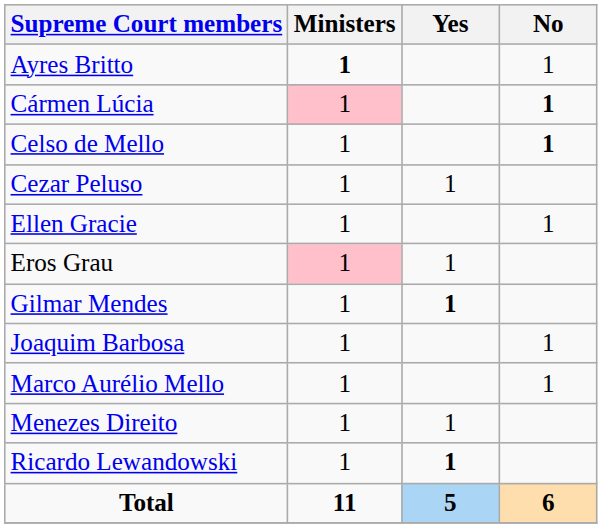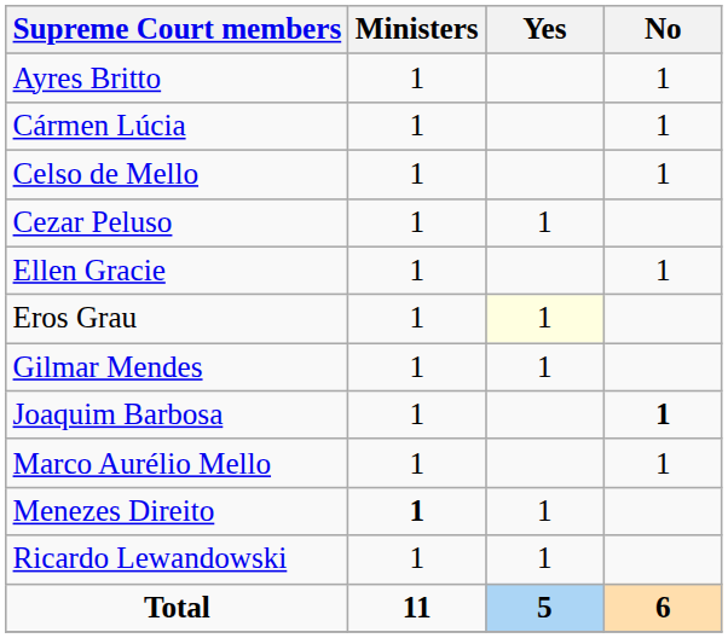 <table class="wikitable">
 <tr>
 <th><a href='#'>Supreme Court members</a></th>
 <th width="55pt">Ministers</th>
 <th width="55pt">Yes</th>
 <th width="55pt">No</th>
 </tr>
 <tr>
 <td align="left"><a href='#'>Ayres Britto</a></td>
-<td align="center"><strong>1</strong></td>
+<td align="center">1</td>
 <td align="center"></td>
 <td align="center">1</td>
 </tr>
 <tr>
 <td align="left"><a href='#'>Cármen Lúcia</a></td>
-<td align="center" style="background: pink;">1</td>
+<td align="center">1</td>
 <td align="center"></td>
-<td align="center"><strong>1</strong></td>
+<td align="center">1</td>
 </tr>
 <tr>
 <td align="left"><a href='#'>Celso de Mello</a></td>
 <td align="center">1</td>
 <td align="center"></td>
-<td align="center"><strong>1</strong></td>
+<td align="center">1</td>
 </tr>
 <tr>
 <td align="left"><a href='#'>Cezar Peluso</a></td>
 <td align="center">1</td>
 <td align="center">1</td>
 <td align="center"></td>
 </tr>
 <tr>
 <td align="left"><a href='#'>Ellen Gracie</a></td>
 <td align="center">1</td>
 <td align="center"></td>
 <td align="center">1</td>
 </tr>
 <tr>
 <td align="left">Eros Grau</td>
-<td align="center" style="background: pink;">1</td>
 <td align="center">1</td>
+<td align="center" style="background: lightyellow;">1</td>
 <td align="center"></td>
 </tr>
 <tr>
 <td align="left"><a href='#'>Gilmar Mendes</a></td>
 <td align="center">1</td>
-<td align="center"><strong>1</strong></td>
+<td align="center">1</td>
 <td align="center"></td>
 </tr>
 <tr>
 <td align="left"><a href='#'>Joaquim Barbosa</a></td>
 <td align="center">1</td>
 <td align="center"></td>
-<td align="center">1</td>
+<td align="center"><strong>1</strong></td>
 </tr>
 <tr>
 <td align="left"><a href='#'>Marco Aurélio Mello</a></td>
 <td align="center">1</td>
 <td align="center"></td>
 <td align="center">1</td>
 </tr>
 <tr>
 <td align="left"><a href='#'>Menezes Direito</a></td>
-<td align="center">1</td>
+<td align="center"><strong>1</strong></td>
 <td align="center">1</td>
 <td align="center"></td>
 </tr>
 <tr>
 <td align="left"><a href='#'>Ricardo Lewandowski</a></td>
 <td align="center">1</td>
-<td align="center"><strong>1</strong></td>
+<td align="center">1</td>
 <td align="center"></td>
 </tr>
 <tr>
 <td align="center"><strong>Total</strong></td>
 <td align="center"><strong>11</strong></td>
 <td align="center" bgcolor="#abd5f5"><strong>5</strong></td>
 <td align="center" bgcolor="#FFDEAD"><strong>6</strong></td>
 </tr>
 <tr>
 </tr>
 </table>
